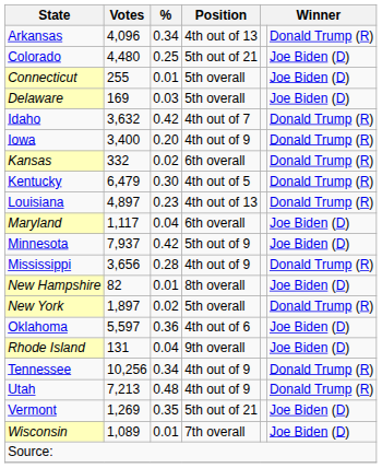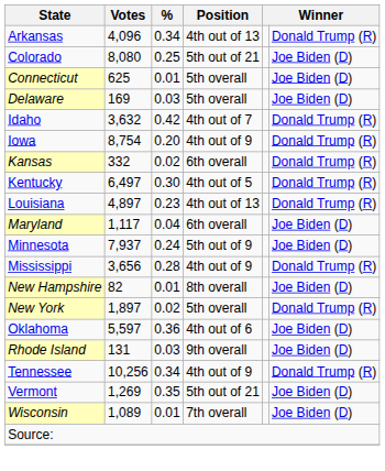 <table class="wikitable sortable">
 <tr>
 <th>State</th>
 <th>Votes</th>
 <th>%</th>
 <th>Position</th>
 <th colspan=2>Winner</th>
 </tr>
 <tr>
 <td><a href='#'>Arkansas</a></td>
 <td>4,096</td>
 <td>0.34</td>
 <td>4th out of 13</td>
 <td bgcolor=></td>
 <td><a href='#'>Donald Trump</a> (<a href='#'>R</a>)</td>
 </tr>
 <tr>
 <td><a href='#'>Colorado</a></td>
-<td>4,480</td>
+<td>8,080</td>
 <td>0.25</td>
 <td>5th out of 21</td>
 <td bgcolor=></td>
 <td><a href='#'>Joe Biden</a> (<a href='#'>D</a>)</td>
 </tr>
 <tr>
 <td style="background:#FFFFBB;"><em>Connecticut</em></td>
-<td>255</td>
+<td>625</td>
 <td>0.01</td>
 <td>5th overall</td>
 <td bgcolor=></td>
 <td><a href='#'>Joe Biden</a> (<a href='#'>D</a>)</td>
 </tr>
 <tr>
 <td style="background:#FFFFBB;"><em>Delaware</em></td>
 <td>169</td>
 <td>0.03</td>
 <td>5th overall</td>
 <td bgcolor=></td>
 <td><a href='#'>Joe Biden</a> (<a href='#'>D</a>)</td>
 </tr>
 <tr>
 <td><a href='#'>Idaho</a></td>
 <td>3,632</td>
 <td>0.42</td>
 <td>4th out of 7</td>
 <td bgcolor=></td>
 <td><a href='#'>Donald Trump</a> (<a href='#'>R</a>)</td>
 </tr>
 <tr>
 <td><a href='#'>Iowa</a></td>
-<td>3,400</td>
+<td>8,754</td>
 <td>0.20</td>
 <td>4th out of 9</td>
 <td bgcolor=></td>
 <td><a href='#'>Donald Trump</a> (<a href='#'>R</a>)</td>
 </tr>
 <tr>
 <td style="background:#FFFFBB;"><em>Kansas</em></td>
 <td>332</td>
 <td>0.02</td>
 <td>6th overall</td>
 <td bgcolor=></td>
 <td><a href='#'>Donald Trump</a> (<a href='#'>R</a>)</td>
 </tr>
 <tr>
 <td><a href='#'>Kentucky</a></td>
-<td>6,479</td>
+<td>6,497</td>
 <td>0.30</td>
 <td>4th out of 5</td>
 <td bgcolor=></td>
 <td><a href='#'>Donald Trump</a> (<a href='#'>R</a>)</td>
 </tr>
 <tr>
 <td><a href='#'>Louisiana</a></td>
 <td>4,897</td>
 <td>0.23</td>
 <td>4th out of 13</td>
 <td bgcolor=></td>
 <td><a href='#'>Donald Trump</a> (<a href='#'>R</a>)</td>
 </tr>
 <tr>
 <td style="background:#FFFFBB;"><em>Maryland</em></td>
 <td>1,117</td>
 <td>0.04</td>
 <td>6th overall</td>
 <td bgcolor=></td>
 <td><a href='#'>Joe Biden</a> (<a href='#'>D</a>)</td>
 </tr>
 <tr>
 <td><a href='#'>Minnesota</a></td>
 <td>7,937</td>
-<td>0.42</td>
+<td>0.24</td>
 <td>5th out of 9</td>
 <td bgcolor=></td>
 <td><a href='#'>Joe Biden</a> (<a href='#'>D</a>)</td>
 </tr>
 <tr>
 <td><a href='#'>Mississippi</a></td>
 <td>3,656</td>
 <td>0.28</td>
 <td>4th out of 9</td>
 <td bgcolor=></td>
 <td><a href='#'>Donald Trump</a> (<a href='#'>R</a>)</td>
 </tr>
 <tr>
 <td style="background:#FFFFBB;"><em>New Hampshire</em></td>
 <td>82</td>
 <td>0.01</td>
 <td>8th overall</td>
 <td bgcolor=></td>
 <td><a href='#'>Joe Biden</a> (<a href='#'>D</a>)</td>
 </tr>
 <tr>
 <td style="background:#FFFFBB;"><em>New York</em></td>
 <td>1,897</td>
 <td>0.02</td>
 <td>5th overall</td>
 <td bgcolor=></td>
 <td><a href='#'>Donald Trump</a> (<a href='#'>R</a>)</td>
 </tr>
 <tr>
 <td><a href='#'>Oklahoma</a></td>
 <td>5,597</td>
 <td>0.36</td>
 <td>4th out of 6</td>
 <td bgcolor=></td>
 <td><a href='#'>Joe Biden</a> (<a href='#'>D</a>)</td>
 </tr>
 <tr>
 <td style="background:#FFFFBB;"><em>Rhode Island</em></td>
 <td>131</td>
-<td>0.04</td>
+<td>0.03</td>
 <td>9th overall</td>
 <td bgcolor=></td>
 <td><a href='#'>Joe Biden</a> (<a href='#'>D</a>)</td>
 </tr>
 <tr>
 <td><a href='#'>Tennessee</a></td>
 <td>10,256</td>
 <td>0.34</td>
-<td>4th out of 9</td>
-<td bgcolor=></td>
-<td><a href='#'>Donald Trump</a> (<a href='#'>R</a>)</td>
-</tr>
-<tr>
-<td><a href='#'>Utah</a></td>
-<td>7,213</td>
-<td>0.48</td>
 <td>4th out of 9</td>
 <td bgcolor=></td>
 <td><a href='#'>Donald Trump</a> (<a href='#'>R</a>)</td>
 </tr>
 <tr>
 <td><a href='#'>Vermont</a></td>
 <td>1,269</td>
 <td>0.35</td>
 <td>5th out of 21</td>
 <td></td>
 <td><a href='#'>Joe Biden</a> (<a href='#'>D</a>)</td>
 </tr>
 <tr>
 <td style="background:#FFFFBB;"><em>Wisconsin</em></td>
 <td>1,089</td>
 <td>0.01</td>
 <td>7th overall</td>
 <td bgcolor=></td>
 <td><a href='#'>Joe Biden</a> (<a href='#'>D</a>)</td>
 </tr>
 <tr>
 <td colspan=6>Source: </td>
 </tr>
 <tr>
 </tr>
 </table>
